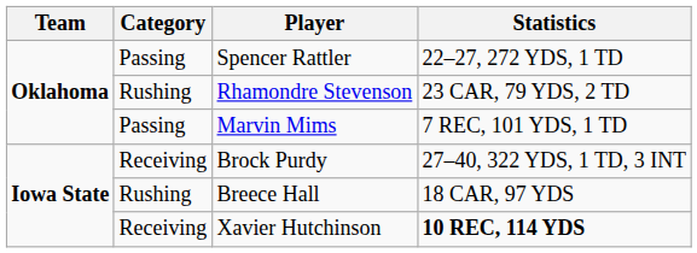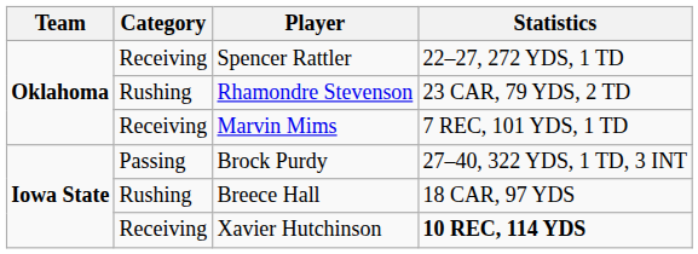 <table class="wikitable" style="float: right;">
 <tr>
 <th>Team</th>
 <th>Category</th>
 <th>Player</th>
 <th>Statistics</th>
 </tr>
 <tr>
 <td rowspan=3><strong>Oklahoma</strong></td>
-<td>Passing</td>
+<td>Receiving</td>
 <td>Spencer Rattler</td>
 <td>22–27, 272 YDS, 1 TD</td>
 </tr>
 <tr>
 <td>Rushing</td>
 <td><a href='#'>Rhamondre Stevenson</a></td>
 <td>23 CAR, 79 YDS, 2 TD</td>
 </tr>
 <tr>
-<td>Passing</td>
+<td>Receiving</td>
 <td><a href='#'>Marvin Mims</a></td>
 <td>7 REC, 101 YDS, 1 TD</td>
 </tr>
 <tr>
 <td rowspan=3><strong>Iowa State</strong></td>
-<td>Receiving</td>
+<td>Passing</td>
 <td>Brock Purdy</td>
 <td>27–40, 322 YDS, 1 TD, 3 INT</td>
 </tr>
 <tr>
 <td>Rushing</td>
 <td>Breece Hall</td>
 <td>18 CAR, 97 YDS</td>
 </tr>
 <tr>
 <td>Receiving</td>
 <td>Xavier Hutchinson</td>
 <td><strong>10 REC, 114 YDS</strong></td>
 </tr>
 </table>
